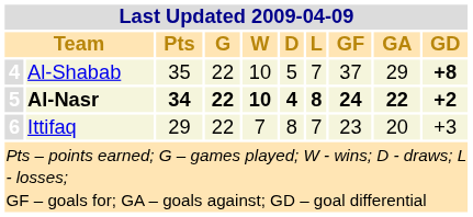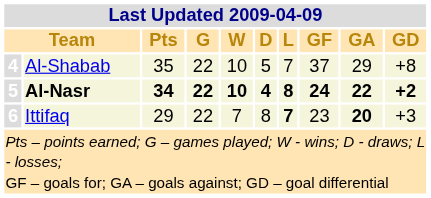 <table width=60%>
 <tr>
 <th colspan="10" bgcolor=#DCDCDC style="color:#00008B;">Last Updated 2009-04-09</th>
 </tr>
 <tr>
 <th colspan="2" bgcolor=#ffe5b4 style="color:#B8860B;">Team</th>
 <th bgcolor=#ffe5b4 align="center" style="color:#B8860B;">Pts</th>
 <th bgcolor=#ffe5b4 align="center" style="color:#B8860B;">G</th>
 <th bgcolor=#ffe5b4 align="center" style="color:#B8860B;">W</th>
 <th bgcolor=#ffe5b4 align="center" style="color:#B8860B;">D</th>
 <th bgcolor=#ffe5b4 align="center" style="color:#B8860B;">L</th>
 <th bgcolor=#ffe5b4 align="center" style="color:#B8860B;">GF</th>
 <th bgcolor=#ffe5b4 align="center" style="color:#B8860B;">GA</th>
 <th bgcolor=#ffe5b4 align="center" style="color:#B8860B;">GD</th>
 </tr>
 <tr>
 <th bgcolor=#DCDCDC align="center" style="color:white;">4</th>
 <td bgcolor=#f5f5dc><a href='#'>Al-Shabab</a></td>
 <td bgcolor=#f5f5dc align="center">35</td>
 <td bgcolor=#f5f5dc align="center">22</td>
 <td bgcolor=#f5f5dc align="center">10</td>
 <td bgcolor=#f5f5dc align="center">5</td>
 <td bgcolor=#f5f5dc align="center">7</td>
 <td bgcolor=#f5f5dc align="center">37</td>
 <td bgcolor=#f5f5dc align="center">29</td>
-<td bgcolor=#f5f5dc align="center"><strong>+8</strong></td>
+<td bgcolor=#f5f5dc align="center">+8</td>
 </tr>
 <tr>
 <th bgcolor=#DCDCDC align="center" style="color:white;">5</th>
 <td bgcolor=#f5f5dc><strong>Al-Nasr</strong></td>
 <td bgcolor=#f5f5dc align="center"><strong>34</strong></td>
 <td bgcolor=#f5f5dc align="center"><strong>22</strong></td>
 <td bgcolor=#f5f5dc align="center"><strong>10</strong></td>
 <td bgcolor=#f5f5dc align="center"><strong>4</strong></td>
 <td bgcolor=#f5f5dc align="center"><strong>8</strong></td>
 <td bgcolor=#f5f5dc align="center"><strong>24</strong></td>
 <td bgcolor=#f5f5dc align="center"><strong>22</strong></td>
 <td bgcolor=#f5f5dc align="center"><strong>+2</strong></td>
 </tr>
 <tr>
 <th bgcolor=#DCDCDC align="center" style="color:white;">6</th>
 <td bgcolor=#f5f5dc><a href='#'>Ittifaq</a></td>
 <td bgcolor=#f5f5dc align="center">29</td>
 <td bgcolor=#f5f5dc align="center">22</td>
 <td bgcolor=#f5f5dc align="center">7</td>
 <td bgcolor=#f5f5dc align="center">8</td>
-<td bgcolor=#f5f5dc align="center">7</td>
+<td bgcolor=#f5f5dc align="center"><strong>7</strong></td>
 <td bgcolor=#f5f5dc align="center">23</td>
-<td bgcolor=#f5f5dc align="center">20</td>
+<td bgcolor=#f5f5dc align="center"><strong>20</strong></td>
 <td bgcolor=#f5f5dc align="center">+3</td>
 </tr>
 <tr bgcolor=#ffe5b4>
 <td colspan="10"><small><em>Pts – points earned; G – games played; W - wins; D - draws; L - losses;<br></em>GF – goals for; GA – goals against; GD – goal differential</small></td>
 </tr>
 </table>
